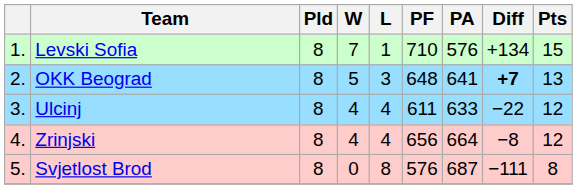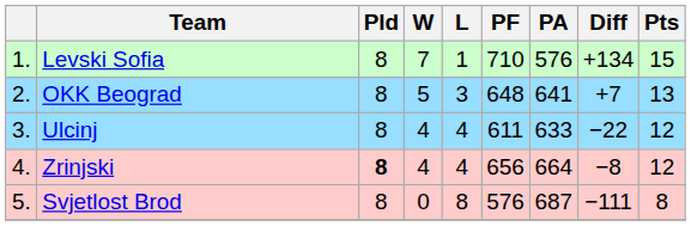 <table class="wikitable" style="text-align:center">
 <tr>
 <th width=15></th>
 <th width=220>Team</th>
 <th width=20>Pld</th>
 <th width=20>W</th>
 <th width=20>L</th>
 <th width=20>PF</th>
 <th width=20>PA</th>
 <th width=30>Diff</th>
 <th width=20>Pts</th>
 </tr>
 <tr bgcolor=#ccffcc>
 <td>1.</td>
 <td align=left> <a href='#'>Levski Sofia</a></td>
 <td>8</td>
 <td>7</td>
 <td>1</td>
 <td>710</td>
 <td>576</td>
 <td>+134</td>
 <td>15</td>
 </tr>
 <tr bgcolor=#97DEFF>
 <td>2.</td>
 <td align=left> <a href='#'>OKK Beograd</a></td>
 <td>8</td>
 <td>5</td>
 <td>3</td>
 <td>648</td>
 <td>641</td>
-<td><strong>+7</strong></td>
+<td>+7</td>
 <td>13</td>
 </tr>
 <tr bgcolor=#97DEFF>
 <td>3.</td>
 <td align=left> <a href='#'>Ulcinj</a></td>
 <td>8</td>
 <td>4</td>
 <td>4</td>
 <td>611</td>
 <td>633</td>
 <td>−22</td>
 <td>12</td>
 </tr>
 <tr bgcolor=#ffcccc>
 <td>4.</td>
 <td align=left> <a href='#'>Zrinjski</a></td>
-<td>8</td>
+<td><strong>8</strong></td>
 <td>4</td>
 <td>4</td>
 <td>656</td>
 <td>664</td>
 <td>−8</td>
 <td>12</td>
 </tr>
 <tr bgcolor=#ffcccc>
 <td>5.</td>
 <td align=left> <a href='#'>Svjetlost Brod</a></td>
 <td>8</td>
 <td>0</td>
 <td>8</td>
 <td>576</td>
 <td>687</td>
 <td>−111</td>
 <td>8</td>
 </tr>
 <tr>
 </tr>
 </table>
